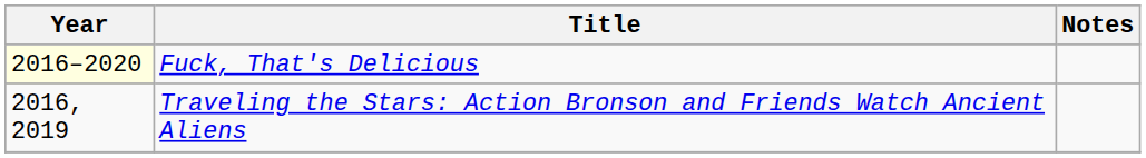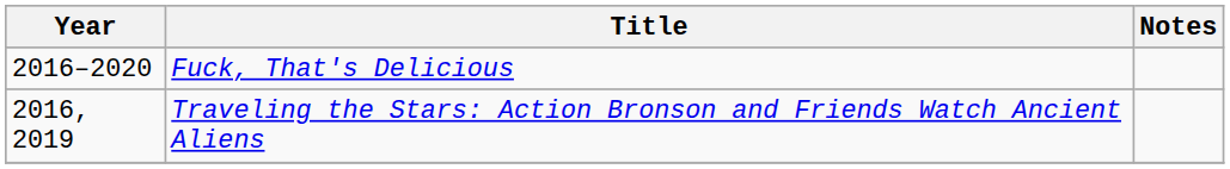 <table class="wikitable">
 <tr>
 <th>Year</th>
 <th>Title</th>
 <th>Notes</th>
 </tr>
 <tr>
-<td style="background: lightyellow;">2016–2020</td>
+<td>2016–2020</td>
 <td><em><a href='#'>Fuck, That's Delicious</a></em></td>
 <td></td>
 </tr>
 <tr>
 <td>2016, 2019</td>
 <td><em><a href='#'>Traveling the Stars: Action Bronson and Friends Watch Ancient Aliens</a></em></td>
 <td></td>
 </tr>
 <tr>
 </tr>
 </table>
